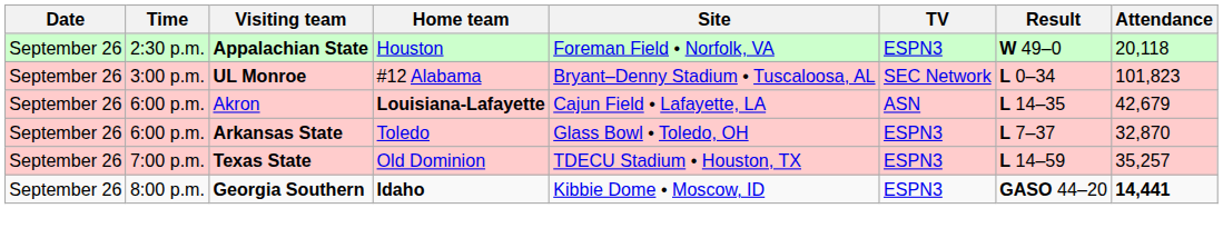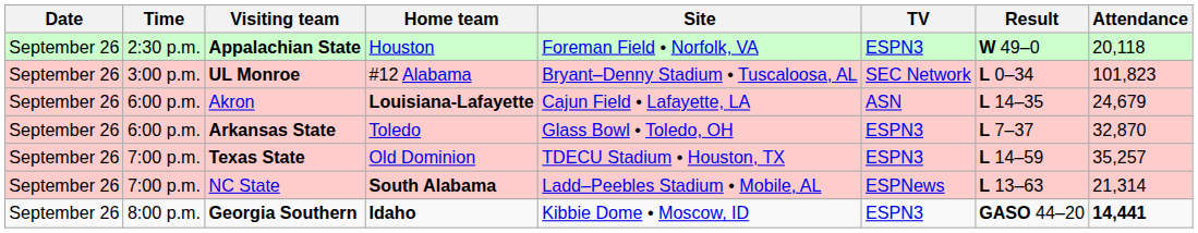 <table class="wikitable" style="font-size:95%;">
 <tr>
 <th>Date</th>
 <th>Time</th>
 <th>Visiting team</th>
 <th>Home team</th>
 <th>Site</th>
 <th>TV</th>
 <th>Result</th>
 <th>Attendance</th>
 </tr>
 <tr style="background:#cfc;">
 <td>September 26</td>
 <td>2:30 p.m.</td>
 <td><strong>Appalachian State</strong></td>
 <td><a href='#'>Houston</a></td>
 <td><a href='#'>Foreman Field</a> • <a href='#'>Norfolk, VA</a></td>
 <td><a href='#'>ESPN3</a></td>
 <td><strong>W</strong> 49–0</td>
 <td>20,118</td>
 </tr>
 <tr style="background:#fcc;">
 <td>September 26</td>
 <td>3:00 p.m.</td>
 <td><strong>UL Monroe</strong></td>
 <td>#12 <a href='#'>Alabama</a></td>
 <td><a href='#'>Bryant–Denny Stadium</a> • <a href='#'>Tuscaloosa, AL</a></td>
 <td><a href='#'>SEC Network</a></td>
 <td><strong>L</strong> 0–34</td>
 <td>101,823</td>
 </tr>
 <tr style="background:#fcc;">
 <td>September 26</td>
 <td>6:00 p.m.</td>
 <td><a href='#'>Akron</a></td>
 <td><strong>Louisiana-Lafayette</strong></td>
 <td><a href='#'>Cajun Field</a> • <a href='#'>Lafayette, LA</a></td>
 <td><a href='#'>ASN</a></td>
 <td><strong>L</strong> 14–35</td>
-<td>42,679</td>
+<td>24,679</td>
 </tr>
 <tr style="background:#fcc;">
 <td>September 26</td>
 <td>6:00 p.m.</td>
 <td><strong>Arkansas State</strong></td>
 <td><a href='#'>Toledo</a></td>
 <td><a href='#'>Glass Bowl</a> • <a href='#'>Toledo, OH</a></td>
 <td><a href='#'>ESPN3</a></td>
 <td><strong>L</strong> 7–37</td>
 <td>32,870</td>
 </tr>
 <tr style="background:#fcc;">
 <td>September 26</td>
 <td>7:00 p.m.</td>
 <td><strong>Texas State</strong></td>
 <td><a href='#'>Old Dominion</a></td>
 <td><a href='#'>TDECU Stadium</a> • <a href='#'>Houston, TX</a></td>
 <td><a href='#'>ESPN3</a></td>
 <td><strong>L</strong> 14–59</td>
 <td>35,257</td>
 </tr>
+<tr style="background:#fcc;">
+<td>September 26</td>
+<td>7:00 p.m.</td>
+<td><a href='#'>NC State</a></td>
+<td><strong>South Alabama</strong></td>
+<td><a href='#'>Ladd–Peebles Stadium</a> • <a href='#'>Mobile, AL</a></td>
+<td><a href='#'>ESPNews</a></td>
+<td><strong>L</strong> 13–63</td>
+<td>21,314</td>
+</tr>
 <tr style="background:">
 <td>September 26</td>
 <td>8:00 p.m.</td>
 <td><strong>Georgia Southern</strong></td>
 <td><strong>Idaho</strong></td>
 <td><a href='#'>Kibbie Dome</a> • <a href='#'>Moscow, ID</a></td>
 <td><a href='#'>ESPN3</a></td>
 <td><strong>GASO</strong> 44–20</td>
 <td><strong>14,441</strong></td>
 </tr>
 </table>
